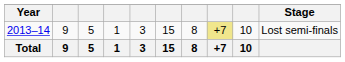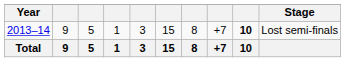 <table class="wikitable" style="text-align: center;">
 <tr>
 </tr>
 <tr>
 <th>Year</th>
 <th width=30></th>
 <th width=30></th>
 <th width=30></th>
 <th width=30></th>
 <th width=30></th>
 <th width=30></th>
 <th width=30></th>
 <th width=30></th>
 <th>Stage</th>
 </tr>
 <tr>
 <td><a href='#'>2013–14</a></td>
 <td>9</td>
 <td>5</td>
 <td>1</td>
 <td>3</td>
 <td>15</td>
 <td>8</td>
-<td style="background: khaki;">+7</td>
-<td>10</td>
+<td>+7</td>
+<td><strong>10</strong></td>
 <td>Lost semi-finals</td>
 </tr>
 <tr>
 <th>Total</th>
 <th>9</th>
 <th>5</th>
 <th>1</th>
 <th>3</th>
 <th>15</th>
 <th>8</th>
 <th>+7</th>
 <th>10</th>
 <th></th>
 </tr>
 </table>
